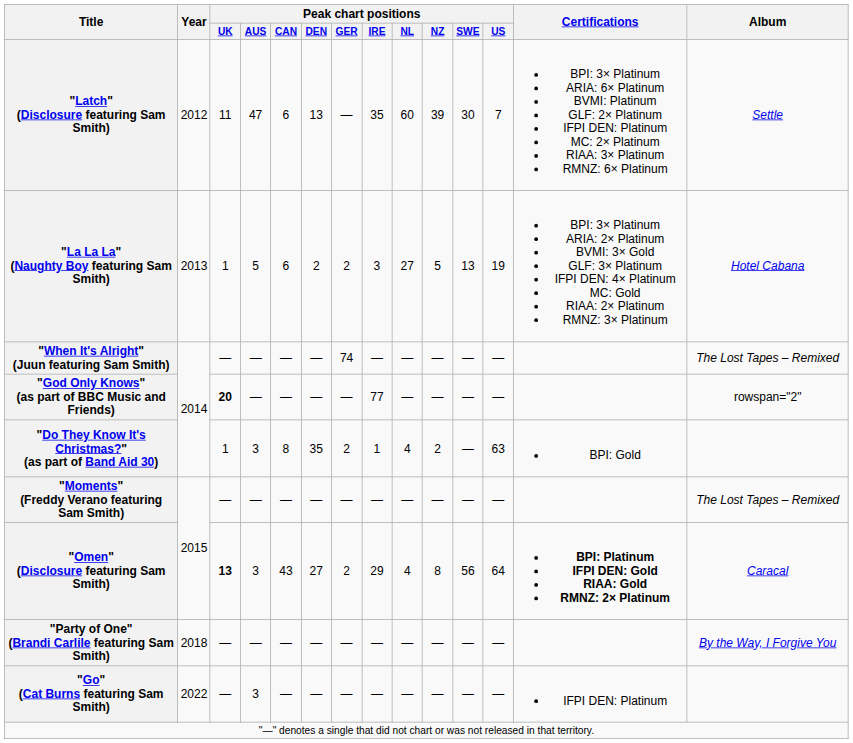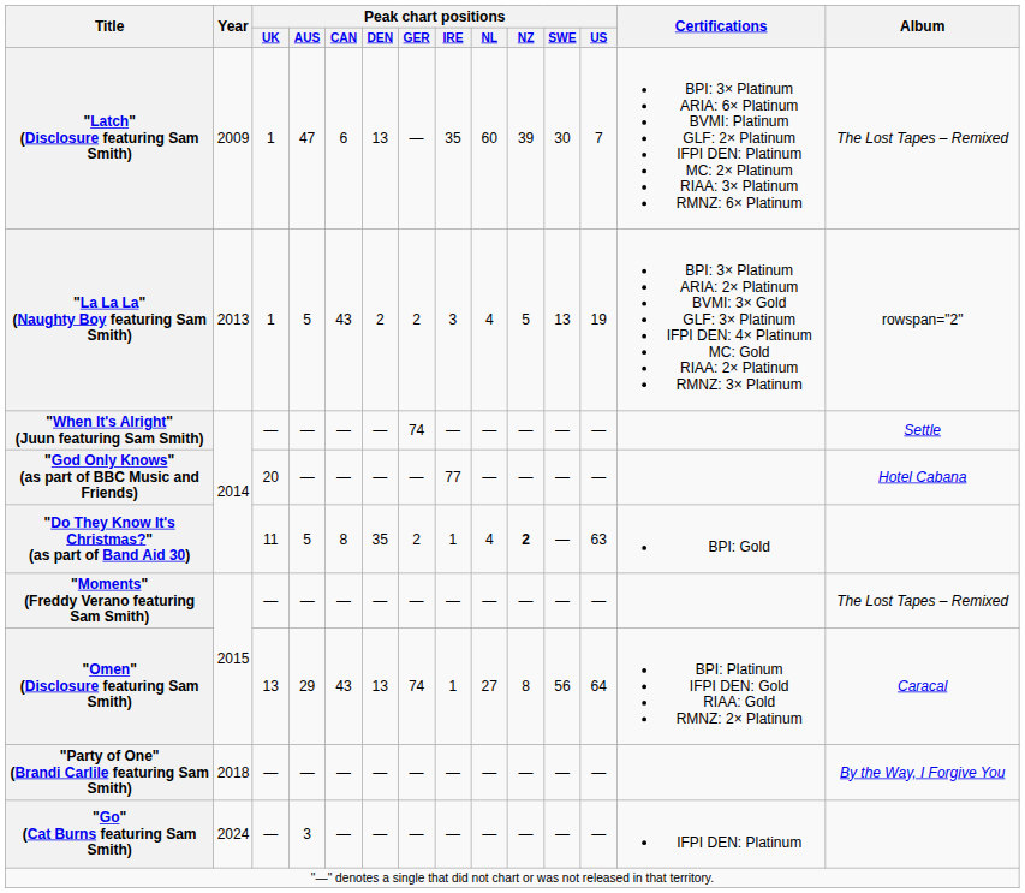 <table class="wikitable plainrowheaders" style="text-align:center;" border="1">
 <tr>
 <th scope="col" rowspan="2" style="width:14em;">Title</th>
 <th scope="col" rowspan="2" style="width:1em;">Year</th>
 <th scope="col" colspan="10">Peak chart positions</th>
 <th scope="col" rowspan="2" style="width:14em;"><a href='#'>Certifications</a></th>
 <th scope="col" rowspan="2" style="width:13em;">Album</th>
 </tr>
 <tr>
 <th scope="col" style="width:2.5em;font-size:85%;"><a href='#'>UK</a><br></th>
 <th scope="col" style="width:2.5em;font-size:85%;"><a href='#'>AUS</a><br></th>
 <th scope="col" style="width:2.5em;font-size:85%;"><a href='#'>CAN</a><br></th>
 <th scope="col" style="width:2.5em;font-size:85%;"><a href='#'>DEN</a><br></th>
 <th scope="col" style="width:2.5em;font-size:85%;"><a href='#'>GER</a><br></th>
 <th scope="col" style="width:2.5em;font-size:85%;"><a href='#'>IRE</a><br></th>
 <th scope="col" style="width:2.5em;font-size:85%;"><a href='#'>NL</a><br></th>
 <th scope="col" style="width:2.5em;font-size:85%;"><a href='#'>NZ</a><br></th>
 <th scope="col" style="width:2.5em;font-size:85%;"><a href='#'>SWE</a><br></th>
 <th scope="col" style="width:2.5em;font-size:85%;"><a href='#'>US</a><br></th>
 </tr>
 <tr>
 <th scope="row">"<a href='#'>Latch</a>"<br><span>(<a href='#'>Disclosure</a> featuring Sam Smith)</span></th>
-<td>2012</td>
-<td>11</td>
+<td>2009</td>
+<td>1</td>
 <td>47</td>
 <td>6</td>
 <td>13</td>
 <td>—</td>
 <td>35</td>
 <td>60</td>
 <td>39</td>
 <td>30</td>
 <td>7</td>
 <td><br><ul><li>BPI: 3× Platinum</li><li>ARIA: 6× Platinum</li><li>BVMI: Platinum</li><li>GLF: 2× Platinum</li><li>IFPI DEN: Platinum</li><li>MC: 2× Platinum</li><li>RIAA: 3× Platinum</li><li>RMNZ: 6× Platinum</li></ul></td>
-<td><em><a href='#'>Settle</a></em></td>
+<td><em>The Lost Tapes – Remixed</em></td>
 </tr>
 <tr>
 <th scope="row">"<a href='#'>La La La</a>"<br><span>(<a href='#'>Naughty Boy</a> featuring Sam Smith)</span></th>
 <td>2013</td>
 <td>1</td>
 <td>5</td>
-<td>6</td>
+<td>43</td>
 <td>2</td>
 <td>2</td>
 <td>3</td>
-<td>27</td>
+<td>4</td>
 <td>5</td>
 <td>13</td>
 <td>19</td>
 <td><br><ul><li>BPI: 3× Platinum</li><li>ARIA: 2× Platinum</li><li>BVMI: 3× Gold</li><li>GLF: 3× Platinum</li><li>IFPI DEN: 4× Platinum</li><li>MC: Gold</li><li>RIAA: 2× Platinum</li><li>RMNZ: 3× Platinum</li></ul></td>
-<td><em><a href='#'>Hotel Cabana</a></em></td>
+<td>rowspan="2" </td>
 </tr>
 <tr>
 <th scope="row">"<a href='#'>When It's Alright</a>"<br><span>(Juun featuring Sam Smith)</span></th>
 <td rowspan="3">2014</td>
 <td>—</td>
 <td>—</td>
 <td>—</td>
 <td>—</td>
 <td>74</td>
 <td>—</td>
 <td>—</td>
 <td>—</td>
 <td>—</td>
 <td>—</td>
 <td></td>
-<td><em>The Lost Tapes – Remixed</em></td>
+<td><em><a href='#'>Settle</a></em></td>
 </tr>
 <tr>
 <th scope="row">"<a href='#'>God Only Knows</a>"<br><span>(as part of BBC Music and Friends)</span></th>
-<td><strong>20</strong></td>
+<td>20</td>
 <td>—</td>
 <td>—</td>
 <td>—</td>
 <td>—</td>
 <td>77</td>
 <td>—</td>
 <td>—</td>
 <td>—</td>
 <td>—</td>
 <td></td>
-<td>rowspan="2" </td>
+<td><em><a href='#'>Hotel Cabana</a></em></td>
 </tr>
 <tr>
 <th scope="row">"<a href='#'>Do They Know It's Christmas?</a>"<br><span>(as part of <a href='#'>Band Aid 30</a>)</span></th>
-<td>1</td>
-<td>3</td>
+<td>11</td>
+<td>5</td>
 <td>8</td>
 <td>35</td>
 <td>2</td>
 <td>1</td>
 <td>4</td>
-<td>2</td>
+<td><strong>2</strong></td>
 <td>—</td>
 <td>63</td>
 <td><br><ul><li>BPI: Gold</li></ul></td>
 </tr>
 <tr>
 <th scope="row">"<a href='#'>Moments</a>"<br><span>(Freddy Verano featuring Sam Smith)</span></th>
 <td rowspan="2">2015</td>
 <td>—</td>
 <td>—</td>
 <td>—</td>
 <td>—</td>
 <td>—</td>
 <td>—</td>
 <td>—</td>
 <td>—</td>
 <td>—</td>
 <td>—</td>
 <td></td>
 <td><em>The Lost Tapes – Remixed</em></td>
 </tr>
 <tr>
 <th scope="row">"<a href='#'>Omen</a>"<br><span>(<a href='#'>Disclosure</a> featuring Sam Smith)</span></th>
-<td><strong>13</strong></td>
-<td>3</td>
+<td>13</td>
+<td>29</td>
 <td>43</td>
+<td>13</td>
+<td>74</td>
+<td>1</td>
 <td>27</td>
-<td>2</td>
-<td>29</td>
-<td>4</td>
 <td>8</td>
 <td>56</td>
 <td>64</td>
-<td><strong><br><ul><li>BPI: Platinum</li><li>IFPI DEN: Gold</li><li>RIAA: Gold</li><li>RMNZ: 2× Platinum</li></ul></strong></td>
+<td><br><ul><li>BPI: Platinum</li><li>IFPI DEN: Gold</li><li>RIAA: Gold</li><li>RMNZ: 2× Platinum</li></ul></td>
 <td><em><a href='#'>Caracal</a></em></td>
 </tr>
 <tr>
 <th scope="row">"Party of One"<br><span>(<a href='#'>Brandi Carlile</a> featuring Sam Smith)</span></th>
 <td>2018</td>
 <td>—</td>
 <td>—</td>
 <td>—</td>
 <td>—</td>
 <td>—</td>
 <td>—</td>
 <td>—</td>
 <td>—</td>
 <td>—</td>
 <td>—</td>
 <td></td>
 <td><em><a href='#'>By the Way, I Forgive You</a></em></td>
 </tr>
 <tr>
 <th scope="row">"<a href='#'>Go</a>"<br><span>(<a href='#'>Cat Burns</a> featuring Sam Smith)</span></th>
-<td>2022</td>
+<td>2024</td>
 <td>—</td>
 <td>3</td>
 <td>—</td>
 <td>—</td>
 <td>—</td>
 <td>—</td>
 <td>—</td>
 <td>—</td>
 <td>—</td>
 <td>—</td>
 <td><br><ul><li>IFPI DEN: Platinum</li></ul></td>
 <td></td>
 </tr>
 <tr>
 <td colspan="20" style="font-size:85%">"—" denotes a single that did not chart or was not released in that territory.</td>
 </tr>
 </table>
